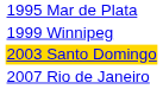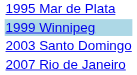 <table>
 <tr>
 <td><a href='#'>1995 Mar de Plata</a></td>
 <td></td>
 <td></td>
 <td></td>
 </tr>
 <tr>
-<td><a href='#'>1999 Winnipeg</a></td>
+<td style="background: lightblue;"><a href='#'>1999 Winnipeg</a></td>
 <td></td>
 <td></td>
 <td></td>
 </tr>
 <tr>
-<td style="background: gold;"><a href='#'>2003 Santo Domingo</a></td>
+<td><a href='#'>2003 Santo Domingo</a></td>
 <td></td>
 <td></td>
 <td></td>
 </tr>
 <tr>
 <td><a href='#'>2007 Rio de Janeiro</a></td>
 <td></td>
 <td></td>
 <td></td>
 </tr>
 </table>
